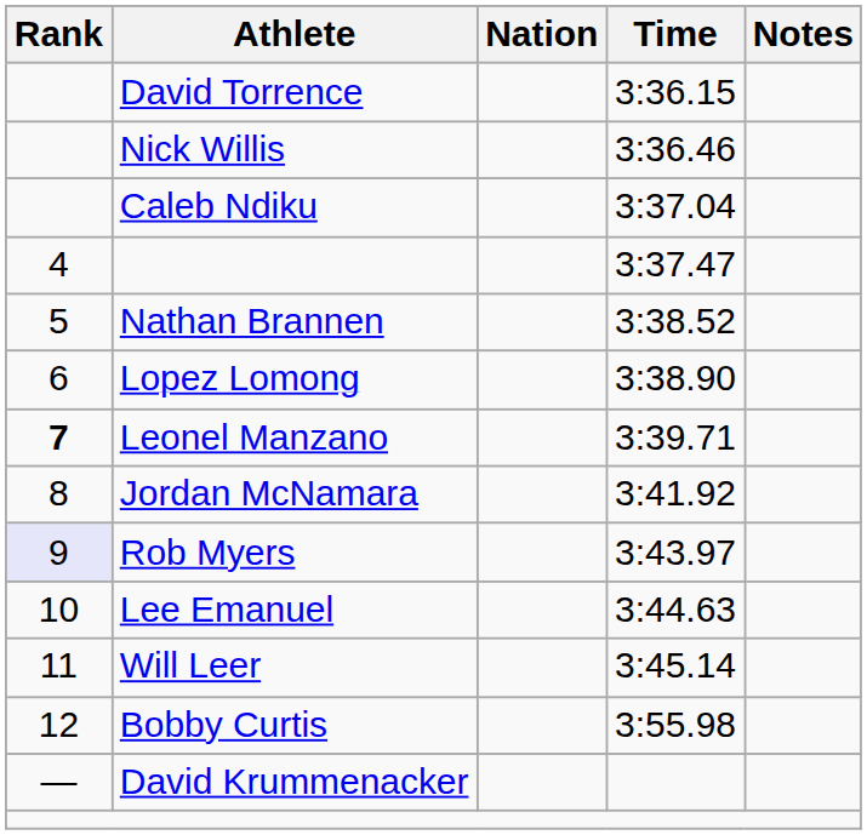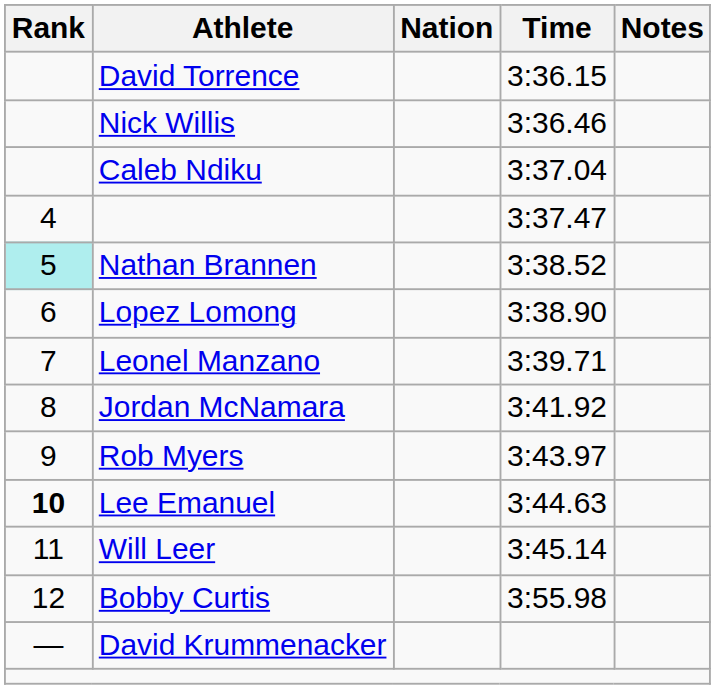 <table class="wikitable mw-datatable sortable" style="text-align:center;">
 <tr>
 <th>Rank</th>
 <th>Athlete</th>
 <th>Nation</th>
 <th>Time</th>
 <th>Notes</th>
 </tr>
 <tr>
 <td></td>
 <td align=left><a href='#'>David Torrence</a></td>
 <td align=left></td>
 <td>3:36.15</td>
 <td></td>
 </tr>
 <tr>
 <td></td>
 <td align=left><a href='#'>Nick Willis</a></td>
 <td align=left></td>
 <td>3:36.46</td>
 <td></td>
 </tr>
 <tr>
 <td></td>
 <td align=left><a href='#'>Caleb Ndiku</a></td>
 <td align=left></td>
 <td>3:37.04</td>
 <td></td>
 </tr>
 <tr>
 <td>4</td>
 <td align=left></td>
 <td align=left></td>
 <td>3:37.47</td>
 <td></td>
 </tr>
 <tr>
-<td>5</td>
+<td style="background: paleturquoise;">5</td>
 <td align=left><a href='#'>Nathan Brannen</a></td>
 <td align=left></td>
 <td>3:38.52</td>
 <td></td>
 </tr>
 <tr>
 <td>6</td>
 <td align=left><a href='#'>Lopez Lomong</a></td>
 <td align=left></td>
 <td>3:38.90</td>
 <td></td>
 </tr>
 <tr>
-<td><strong>7</strong></td>
+<td>7</td>
 <td align=left><a href='#'>Leonel Manzano</a></td>
 <td align=left></td>
 <td>3:39.71</td>
 <td></td>
 </tr>
 <tr>
 <td>8</td>
 <td align=left><a href='#'>Jordan McNamara</a></td>
 <td align=left></td>
 <td>3:41.92</td>
 <td></td>
 </tr>
 <tr>
-<td style="background: lavender;">9</td>
+<td>9</td>
 <td align=left><a href='#'>Rob Myers</a></td>
 <td align=left></td>
 <td>3:43.97</td>
 <td></td>
 </tr>
 <tr>
-<td>10</td>
+<td><strong>10</strong></td>
 <td align=left><a href='#'>Lee Emanuel</a></td>
 <td align=left></td>
 <td>3:44.63</td>
 <td></td>
 </tr>
 <tr>
 <td>11</td>
 <td align=left><a href='#'>Will Leer</a></td>
 <td align=left></td>
 <td>3:45.14</td>
 <td></td>
 </tr>
 <tr>
 <td>12</td>
 <td align=left><a href='#'>Bobby Curtis</a></td>
 <td align=left></td>
 <td>3:55.98</td>
 <td></td>
 </tr>
 <tr>
 <td>—</td>
 <td align=left><a href='#'>David Krummenacker</a></td>
 <td align=left></td>
 <td></td>
 <td></td>
 </tr>
 <tr class="sortbottom">
 <td colspan=5></td>
 </tr>
 </table>
